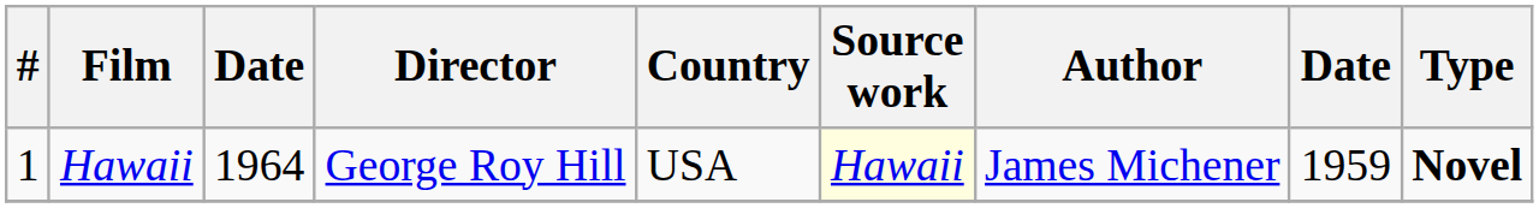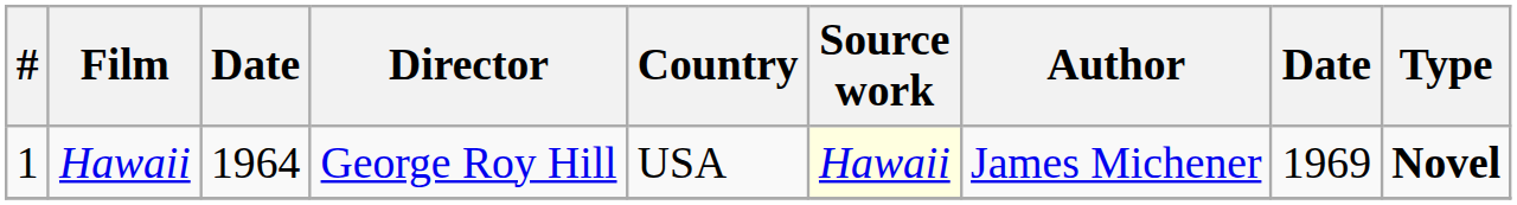 <table class="wikitable">
 <tr>
 <th>#</th>
 <th>Film</th>
 <th>Date</th>
 <th>Director</th>
 <th>Country</th>
 <th>Source<br>work</th>
 <th>Author</th>
 <th>Date</th>
 <th>Type</th>
 </tr>
 <tr>
 <td>1</td>
 <td><em><a href='#'>Hawaii</a></em></td>
 <td>1964</td>
 <td><a href='#'>George Roy Hill</a></td>
 <td>USA</td>
 <td style="background: lightyellow;"><em><a href='#'>Hawaii</a></em></td>
 <td><a href='#'>James Michener</a></td>
-<td>1959</td>
+<td>1969</td>
 <td><strong>Novel</strong></td>
 </tr>
 <tr>
 </tr>
 </table>
